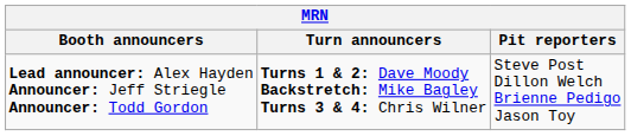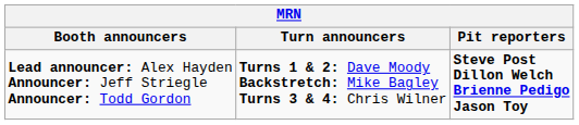 <table class="wikitable" style="font-size: 95%;">
 <tr>
 <th colspan="3"><a href='#'>MRN</a></th>
 </tr>
 <tr>
 <th>Booth announcers</th>
 <th>Turn announcers</th>
 <th>Pit reporters</th>
 </tr>
 <tr>
 <td><strong>Lead announcer:</strong> Alex Hayden<br><strong>Announcer:</strong> Jeff Striegle<br><strong>Announcer:</strong> <a href='#'>Todd Gordon</a></td>
 <td><strong>Turns 1 & 2:</strong> <a href='#'>Dave Moody</a><br><strong>Backstretch:</strong> <a href='#'>Mike Bagley</a><br><strong>Turns 3 & 4:</strong> Chris Wilner</td>
-<td>Steve Post<br>Dillon Welch<br><a href='#'>Brienne Pedigo</a><br>Jason Toy</td>
+<td><strong>Steve Post<br>Dillon Welch<br><a href='#'>Brienne Pedigo</a><br>Jason Toy</strong></td>
 </tr>
 </table>
